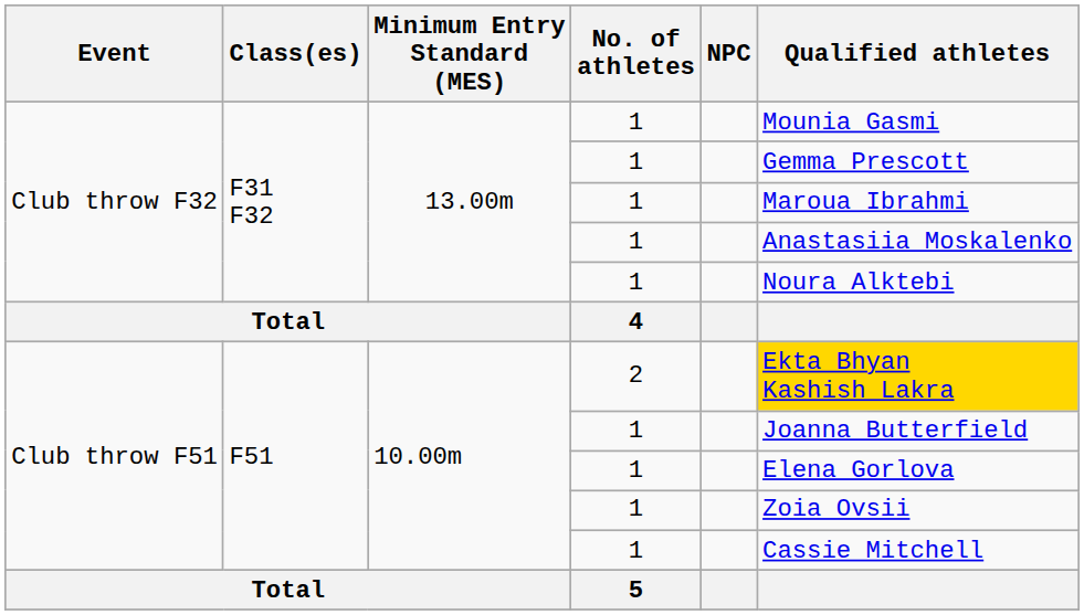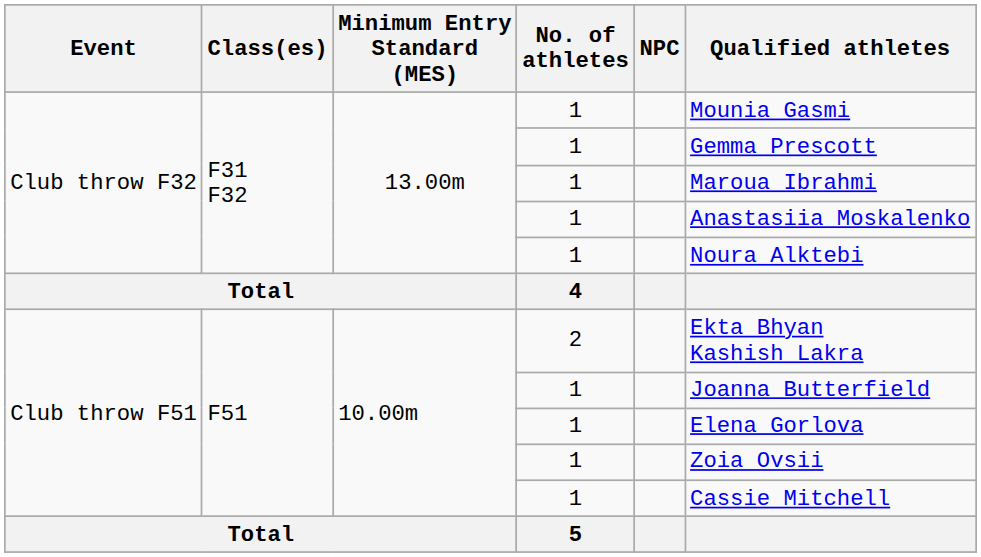 <table class="wikitable">
 <tr>
 <th>Event</th>
 <th>Class(es)</th>
 <th>Minimum Entry<br> Standard<br> (MES)</th>
 <th>No. of<br>athletes</th>
 <th>NPC</th>
 <th>Qualified athletes</th>
 </tr>
 <tr>
 <td rowspan=5>Club throw F32</td>
 <td rowspan=5>F31<br>F32</td>
 <td rowspan=5 align="center">13.00m</td>
 <td align=center>1</td>
 <td></td>
 <td><a href='#'>Mounia Gasmi</a></td>
 </tr>
 <tr>
 <td align=center>1</td>
 <td></td>
 <td><a href='#'>Gemma Prescott</a></td>
 </tr>
 <tr>
 <td align=center>1</td>
 <td></td>
 <td><a href='#'>Maroua Ibrahmi</a></td>
 </tr>
 <tr>
 <td align=center>1</td>
 <td></td>
 <td><a href='#'>Anastasiia Moskalenko</a></td>
 </tr>
 <tr>
 <td align=center>1</td>
 <td></td>
 <td><a href='#'>Noura Alktebi</a></td>
 </tr>
 <tr>
 <th colspan=3>Total</th>
 <th>4</th>
 <th></th>
 <th></th>
 </tr>
 <tr>
 <td rowspan=5>Club throw F51</td>
 <td rowspan=5>F51</td>
 <td rowspan=5>10.00m</td>
 <td align=center>2</td>
 <td></td>
-<td style="background: gold;"><a href='#'>Ekta Bhyan</a><br><a href='#'>Kashish Lakra</a></td>
+<td><a href='#'>Ekta Bhyan</a><br><a href='#'>Kashish Lakra</a></td>
 </tr>
 <tr>
 <td align=center>1</td>
 <td></td>
 <td><a href='#'>Joanna Butterfield</a></td>
 </tr>
 <tr>
 <td align=center>1</td>
 <td></td>
 <td><a href='#'>Elena Gorlova</a></td>
 </tr>
 <tr>
 <td align=center>1</td>
 <td></td>
 <td><a href='#'>Zoia Ovsii</a></td>
 </tr>
 <tr>
 <td align=center>1</td>
 <td></td>
 <td><a href='#'>Cassie Mitchell</a></td>
 </tr>
 <tr>
 <th colspan=3>Total</th>
 <th>5</th>
 <th></th>
 <th></th>
 </tr>
 </table>
